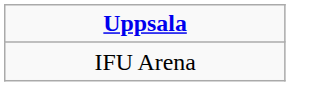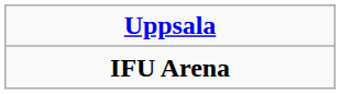 <table class="wikitable" style="text-align:center;">
 <tr>
 <td width=40%><strong><a href='#'>Uppsala</a></strong></td>
 </tr>
 <tr>
-<td>IFU Arena</td>
+<td><strong>IFU Arena</strong></td>
 </tr>
 </table>
